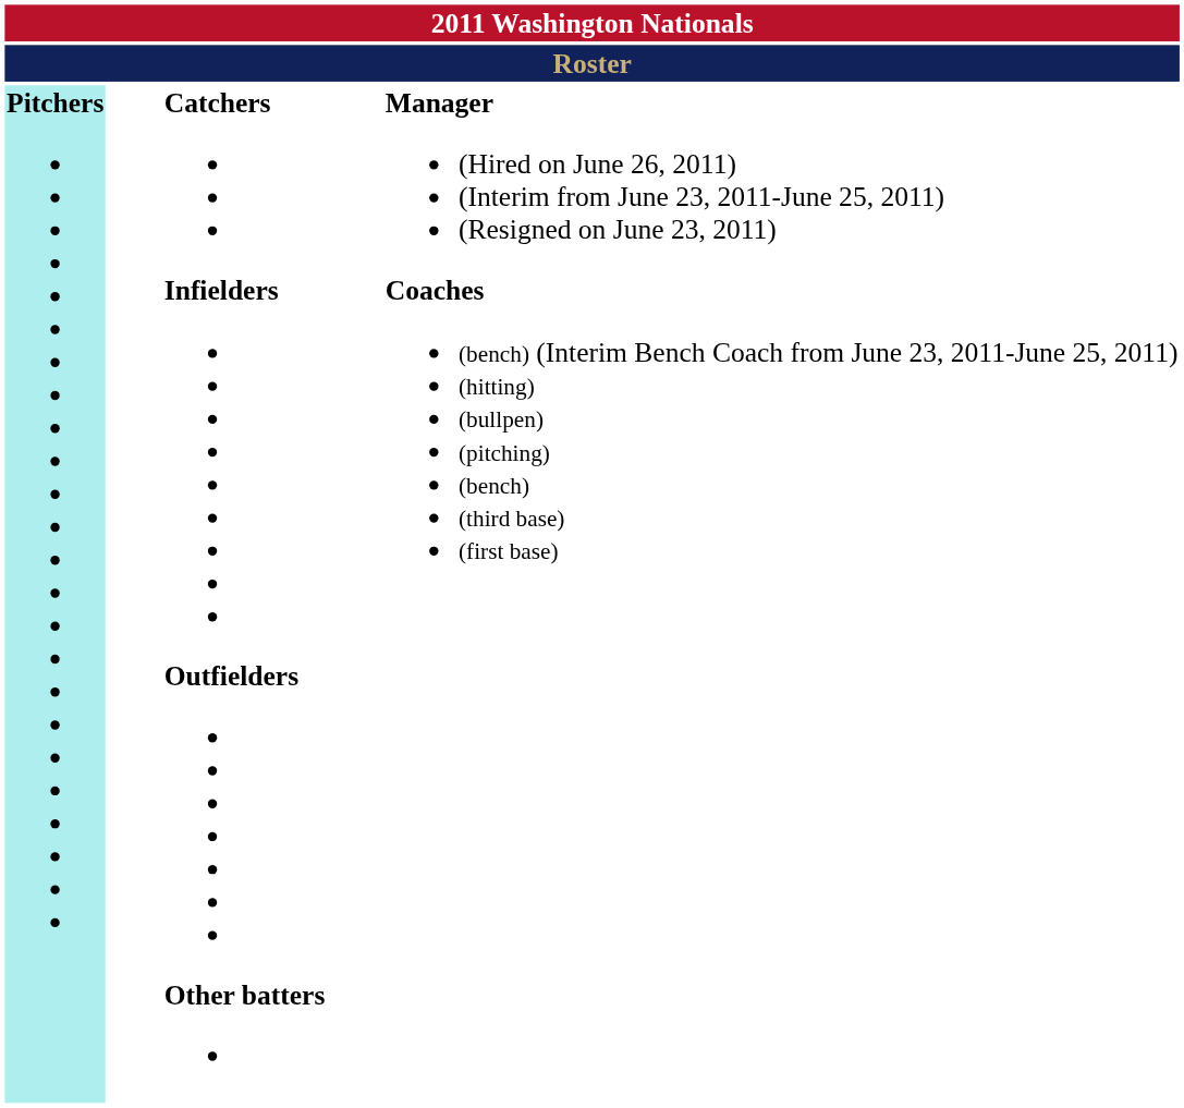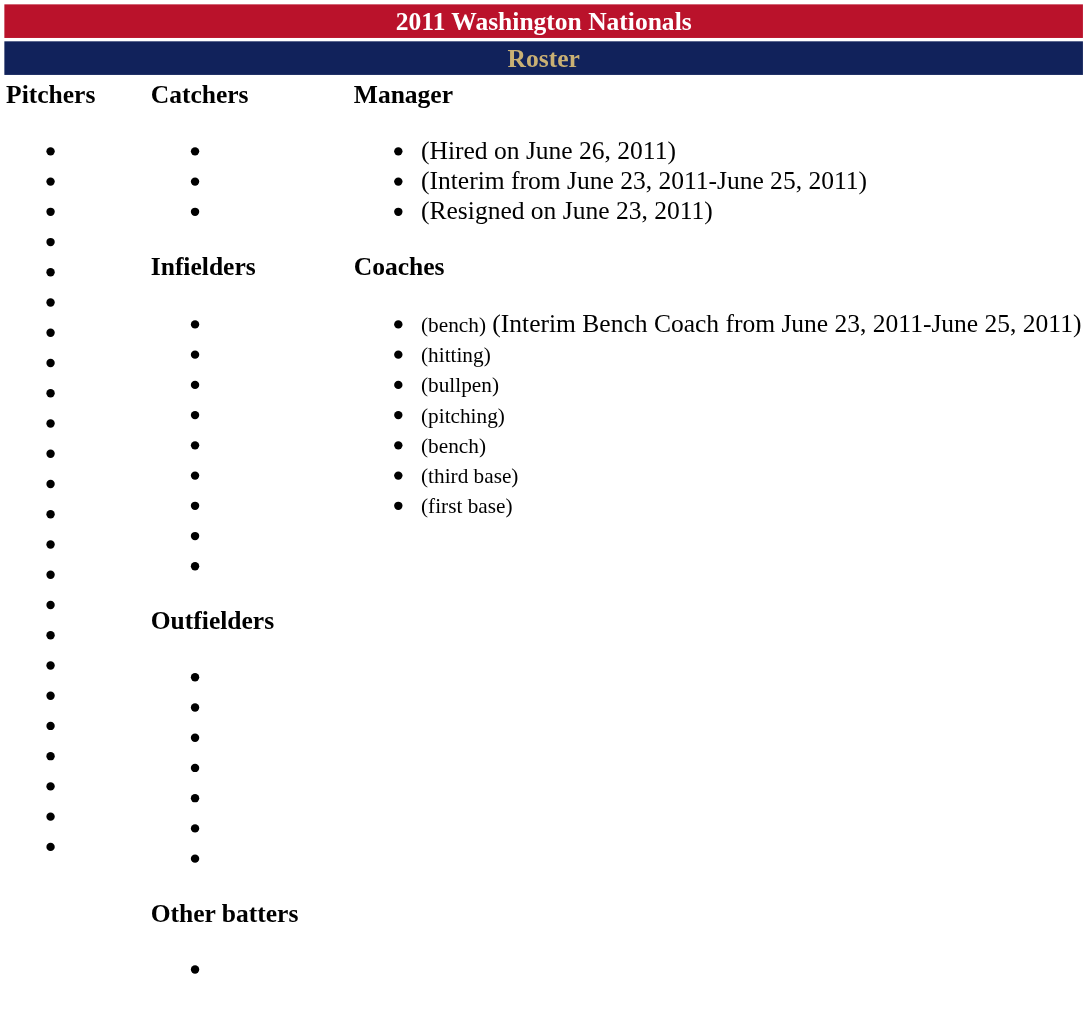 <table class="toccolours" style="font-size: 95%;">
 <tr>
 <th colspan="10" style="background-color: #ba122b; color: #FFFFFF; text-align: center;">2011 Washington Nationals</th>
 </tr>
 <tr>
 <td colspan="10" style="background-color: #11225b; color: #c9b074; text-align: center;"><strong>Roster</strong></td>
 </tr>
 <tr>
-<td valign="top" style="background: paleturquoise;"><strong>Pitchers</strong><br><ul><li></li><li></li><li></li><li></li><li></li><li></li><li></li><li></li><li></li><li></li><li></li><li></li><li></li><li></li><li></li><li></li><li></li><li></li><li></li><li></li><li></li><li></li><li></li><li></li></ul></td>
+<td valign="top"><strong>Pitchers</strong><br><ul><li></li><li></li><li></li><li></li><li></li><li></li><li></li><li></li><li></li><li></li><li></li><li></li><li></li><li></li><li></li><li></li><li></li><li></li><li></li><li></li><li></li><li></li><li></li><li></li></ul></td>
 <td width="25px"></td>
 <td valign="top"><strong>Catchers</strong><br><ul><li></li><li></li><li></li></ul><strong>Infielders</strong><ul><li></li><li></li><li></li><li></li><li></li><li></li><li></li><li></li><li></li></ul><strong>Outfielders</strong><ul><li></li><li></li><li></li><li></li><li></li><li></li><li></li></ul><strong>Other batters</strong><ul><li></li></ul></td>
 <td width="25px"></td>
 <td valign="top"><strong>Manager</strong><br><ul><li> (Hired on June 26, 2011)</li><li> (Interim from June 23, 2011-June 25, 2011)</li><li> (Resigned on June 23, 2011)</li></ul><strong>Coaches</strong><ul><li><small>(bench)</small> (Interim Bench Coach from June 23, 2011-June 25, 2011)</li><li> <small>(hitting)</small></li><li> <small>(bullpen)</small></li><li> <small>(pitching)</small></li><li><small>(bench)</small></li><li> <small>(third base)</small></li><li> <small>(first base)</small></li></ul></td>
 </tr>
 <tr>
 </tr>
 </table>
